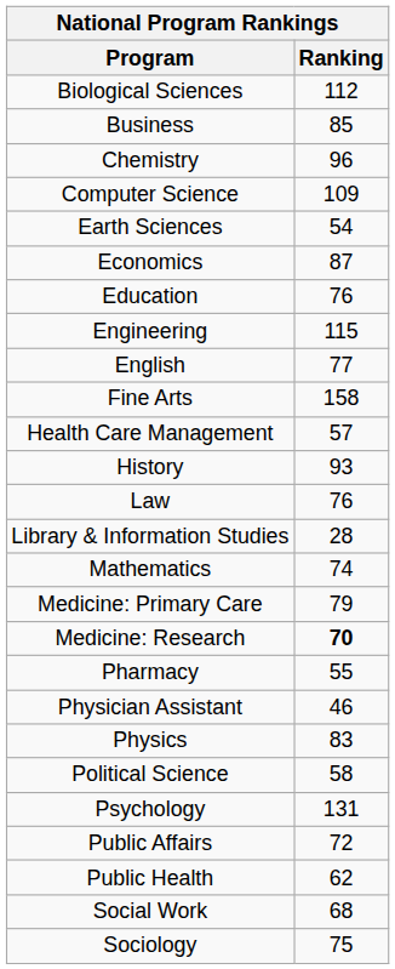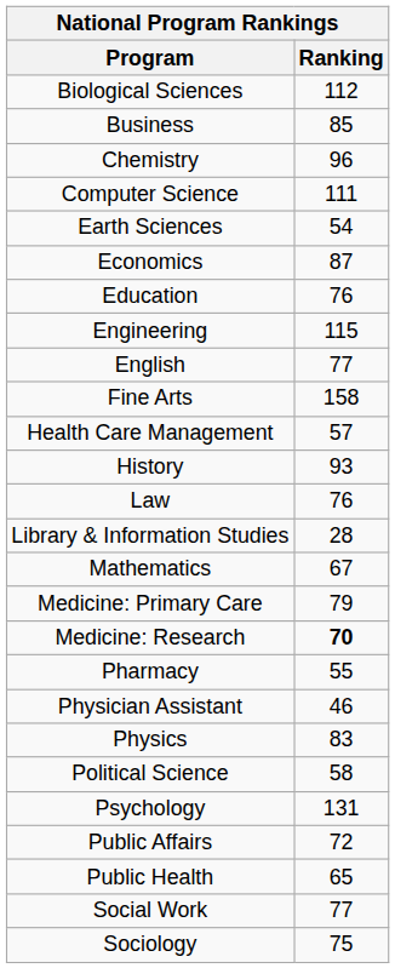 <table class="wikitable sortable collapsible collapsed" style="float:right; clear:right; text-align:center">
 <tr>
 <th colspan=4>National Program Rankings</th>
 </tr>
 <tr>
 <th>Program</th>
 <th>Ranking</th>
 </tr>
 <tr>
 <td>Biological Sciences</td>
 <td>112</td>
 </tr>
 <tr>
 <td>Business</td>
 <td>85</td>
 </tr>
 <tr>
 <td>Chemistry</td>
 <td>96</td>
 </tr>
 <tr>
 <td>Computer Science</td>
-<td>109</td>
+<td>111</td>
 </tr>
 <tr>
 <td>Earth Sciences</td>
 <td>54</td>
 </tr>
 <tr>
 <td>Economics</td>
 <td>87</td>
 </tr>
 <tr>
 <td>Education</td>
 <td>76</td>
 </tr>
 <tr>
 <td>Engineering</td>
 <td>115</td>
 </tr>
 <tr>
 <td>English</td>
 <td>77</td>
 </tr>
 <tr>
 <td>Fine Arts</td>
 <td>158</td>
 </tr>
 <tr>
 <td>Health Care Management</td>
 <td>57</td>
 </tr>
 <tr>
 <td>History</td>
 <td>93</td>
 </tr>
 <tr>
 <td>Law</td>
 <td>76</td>
 </tr>
 <tr>
 <td>Library & Information Studies</td>
 <td>28</td>
 </tr>
 <tr>
 <td>Mathematics</td>
-<td>74</td>
+<td>67</td>
 </tr>
 <tr>
 <td>Medicine: Primary Care</td>
 <td>79</td>
 </tr>
 <tr>
 <td>Medicine: Research</td>
 <td><strong>70</strong></td>
 </tr>
 <tr>
 <td>Pharmacy</td>
 <td>55</td>
 </tr>
 <tr>
 <td>Physician Assistant</td>
 <td>46</td>
 </tr>
 <tr>
 <td>Physics</td>
 <td>83</td>
 </tr>
 <tr>
 <td>Political Science</td>
 <td>58</td>
 </tr>
 <tr>
 <td>Psychology</td>
 <td>131</td>
 </tr>
 <tr>
 <td>Public Affairs</td>
 <td>72</td>
 </tr>
 <tr>
 <td>Public Health</td>
-<td>62</td>
+<td>65</td>
 </tr>
 <tr>
 <td>Social Work</td>
-<td>68</td>
+<td>77</td>
 </tr>
 <tr>
 <td>Sociology</td>
 <td>75</td>
 </tr>
 </table>
